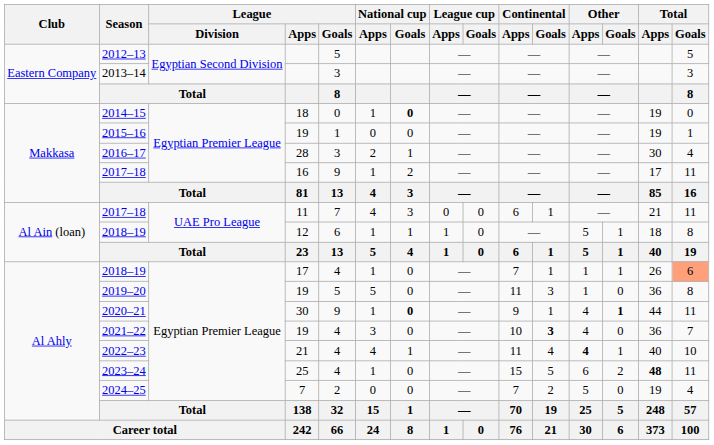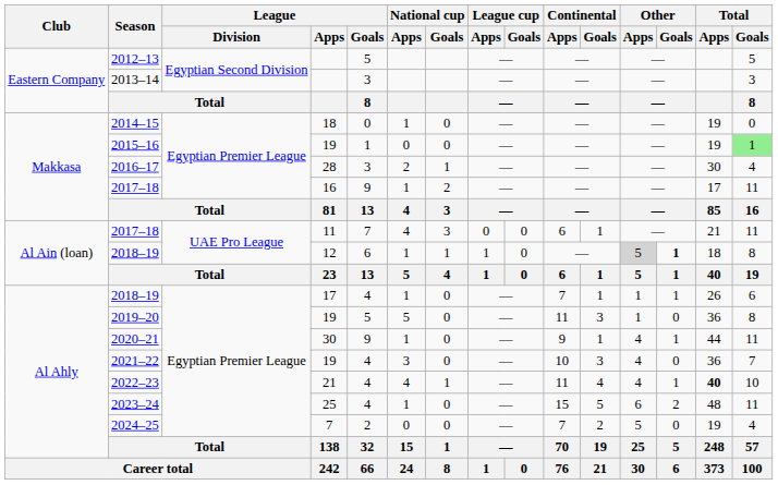 <table class="wikitable" style="text-align: center;">
 <tr>
 <th rowspan="2">Club</th>
 <th rowspan="2">Season</th>
 <th colspan="3">League</th>
 <th colspan="2">National cup</th>
 <th colspan="2">League cup</th>
 <th colspan="2">Continental</th>
 <th colspan="2">Other</th>
 <th colspan="2">Total</th>
 </tr>
 <tr>
 <th>Division</th>
 <th>Apps</th>
 <th>Goals</th>
 <th>Apps</th>
 <th>Goals</th>
 <th>Apps</th>
 <th>Goals</th>
 <th>Apps</th>
 <th>Goals</th>
 <th>Apps</th>
 <th>Goals</th>
 <th>Apps</th>
 <th>Goals</th>
 </tr>
 <tr>
 <td rowspan=3><a href='#'>Eastern Company</a></td>
 <td><a href='#'>2012–13</a></td>
 <td rowspan=2><a href='#'>Egyptian Second Division</a></td>
 <td></td>
 <td>5</td>
 <td></td>
 <td></td>
 <td colspan="2">—</td>
 <td colspan="2">—</td>
 <td colspan="2">—</td>
 <td></td>
 <td>5</td>
 </tr>
 <tr>
 <td>2013–14</td>
 <td></td>
 <td>3</td>
 <td></td>
 <td></td>
 <td colspan="2">—</td>
 <td colspan="2">—</td>
 <td colspan="2">—</td>
 <td></td>
 <td>3</td>
 </tr>
 <tr>
 <th colspan="2">Total</th>
 <th></th>
 <th>8</th>
 <th></th>
 <th></th>
 <th colspan="2">—</th>
 <th colspan="2">—</th>
 <th colspan="2">—</th>
 <th></th>
 <th>8</th>
 </tr>
 <tr>
 <td rowspan=5><a href='#'>Makkasa</a></td>
 <td><a href='#'>2014–15</a></td>
 <td rowspan=4><a href='#'>Egyptian Premier League</a></td>
 <td>18</td>
 <td>0</td>
 <td>1</td>
-<td><strong>0</strong></td>
+<td>0</td>
 <td colspan="2">—</td>
 <td colspan="2">—</td>
 <td colspan="2">—</td>
 <td>19</td>
 <td>0</td>
 </tr>
 <tr>
 <td><a href='#'>2015–16</a></td>
 <td>19</td>
 <td>1</td>
 <td>0</td>
 <td>0</td>
 <td colspan="2">—</td>
 <td colspan="2">—</td>
 <td colspan="2">—</td>
 <td>19</td>
-<td>1</td>
+<td style="background: lightgreen;">1</td>
 </tr>
 <tr>
 <td><a href='#'>2016–17</a></td>
 <td>28</td>
 <td>3</td>
 <td>2</td>
 <td>1</td>
 <td colspan="2">—</td>
 <td colspan="2">—</td>
 <td colspan="2">—</td>
 <td>30</td>
 <td>4</td>
 </tr>
 <tr>
 <td><a href='#'>2017–18</a></td>
 <td>16</td>
 <td>9</td>
 <td>1</td>
 <td>2</td>
 <td colspan="2">—</td>
 <td colspan="2">—</td>
 <td colspan="2">—</td>
 <td>17</td>
 <td>11</td>
 </tr>
 <tr>
 <th colspan="2">Total</th>
 <th>81</th>
 <th>13</th>
 <th>4</th>
 <th>3</th>
 <th colspan="2">—</th>
 <th colspan="2">—</th>
 <th colspan="2">—</th>
 <th>85</th>
 <th>16</th>
 </tr>
 <tr>
 <td rowspan=3><a href='#'>Al Ain</a> (loan)</td>
 <td><a href='#'>2017–18</a></td>
 <td rowspan=2><a href='#'>UAE Pro League</a></td>
 <td>11</td>
 <td>7</td>
 <td>4</td>
 <td>3</td>
 <td>0</td>
 <td>0</td>
 <td>6</td>
 <td>1</td>
 <td colspan="2">—</td>
 <td>21</td>
 <td>11</td>
 </tr>
 <tr>
 <td><a href='#'>2018–19</a></td>
 <td>12</td>
 <td>6</td>
 <td>1</td>
 <td>1</td>
 <td>1</td>
 <td>0</td>
 <td colspan="2">—</td>
-<td>5</td>
-<td>1</td>
+<td style="background: lightgrey;">5</td>
+<td><strong>1</strong></td>
 <td>18</td>
 <td>8</td>
 </tr>
 <tr>
 <th colspan="2">Total</th>
 <th>23</th>
 <th>13</th>
 <th>5</th>
 <th>4</th>
 <th>1</th>
 <th>0</th>
 <th>6</th>
 <th>1</th>
 <th>5</th>
 <th>1</th>
 <th>40</th>
 <th>19</th>
 </tr>
 <tr>
 <td rowspan=8><a href='#'>Al Ahly</a></td>
 <td><a href='#'>2018–19</a></td>
 <td rowspan=7>Egyptian Premier League</td>
 <td>17</td>
 <td>4</td>
 <td>1</td>
 <td>0</td>
 <td colspan="2">—</td>
 <td>7</td>
 <td>1</td>
 <td>1</td>
 <td>1</td>
 <td>26</td>
-<td style="background: lightsalmon;">6</td>
+<td>6</td>
 </tr>
 <tr>
 <td><a href='#'>2019–20</a></td>
 <td>19</td>
 <td>5</td>
 <td>5</td>
 <td>0</td>
 <td colspan="2">—</td>
 <td>11</td>
 <td>3</td>
 <td>1</td>
 <td>0</td>
 <td>36</td>
 <td>8</td>
 </tr>
 <tr>
 <td><a href='#'>2020–21</a></td>
 <td>30</td>
 <td>9</td>
 <td>1</td>
-<td><strong>0</strong></td>
+<td>0</td>
 <td colspan="2">—</td>
 <td>9</td>
 <td>1</td>
 <td>4</td>
-<td><strong>1</strong></td>
+<td>1</td>
 <td>44</td>
 <td>11</td>
 </tr>
 <tr>
 <td><a href='#'>2021–22</a></td>
 <td>19</td>
 <td>4</td>
 <td>3</td>
 <td>0</td>
 <td colspan="2">—</td>
 <td>10</td>
-<td><strong>3</strong></td>
+<td>3</td>
 <td>4</td>
 <td>0</td>
 <td>36</td>
 <td>7</td>
 </tr>
 <tr>
 <td><a href='#'>2022–23</a></td>
 <td>21</td>
 <td>4</td>
 <td>4</td>
 <td>1</td>
 <td colspan="2">—</td>
 <td>11</td>
 <td>4</td>
-<td><strong>4</strong></td>
+<td>4</td>
 <td>1</td>
-<td>40</td>
+<td><strong>40</strong></td>
 <td>10</td>
 </tr>
 <tr>
 <td><a href='#'>2023–24</a></td>
 <td>25</td>
 <td>4</td>
 <td>1</td>
 <td>0</td>
 <td colspan="2">—</td>
 <td>15</td>
 <td>5</td>
 <td>6</td>
 <td>2</td>
-<td><strong>48</strong></td>
+<td>48</td>
 <td>11</td>
 </tr>
 <tr>
 <td><a href='#'>2024–25</a></td>
 <td>7</td>
 <td>2</td>
 <td>0</td>
 <td>0</td>
 <td colspan="2">—</td>
 <td>7</td>
 <td>2</td>
 <td>5</td>
 <td>0</td>
 <td>19</td>
 <td>4</td>
 </tr>
 <tr>
 <th colspan="2">Total</th>
 <th>138</th>
 <th>32</th>
 <th>15</th>
 <th>1</th>
 <th colspan="2">—</th>
 <th>70</th>
 <th>19</th>
 <th>25</th>
 <th>5</th>
 <th>248</th>
 <th>57</th>
 </tr>
 <tr>
 <th colspan="3">Career total</th>
 <th>242</th>
 <th>66</th>
 <th>24</th>
 <th>8</th>
 <th>1</th>
 <th>0</th>
 <th>76</th>
 <th>21</th>
 <th>30</th>
 <th>6</th>
 <th>373</th>
 <th>100</th>
 </tr>
 </table>
